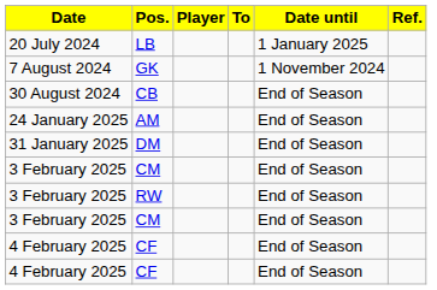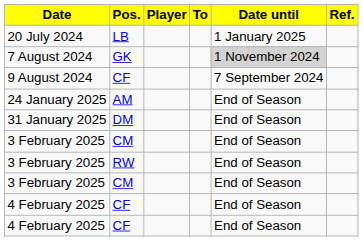 <table class="wikitable plainrowheaders sortable">
 <tr>
 <th style="background:yellow;">Date</th>
 <th style="background:yellow;">Pos.</th>
 <th style="background:yellow;">Player</th>
 <th style="background:yellow;">To</th>
 <th style="background:yellow;">Date until</th>
 <th style="background:yellow;">Ref.</th>
 </tr>
 <tr>
 <td>20 July 2024</td>
 <td><a href='#'>LB</a></td>
 <td></td>
 <td></td>
 <td>1 January 2025</td>
 <td></td>
 </tr>
 <tr>
 <td>7 August 2024</td>
 <td><a href='#'>GK</a></td>
 <td></td>
 <td></td>
-<td>1 November 2024</td>
+<td style="background: lightgrey;">1 November 2024</td>
 <td></td>
 </tr>
 <tr>
-<td>30 August 2024</td>
-<td><a href='#'>CB</a></td>
+<td>9 August 2024</td>
+<td><a href='#'>CF</a></td>
 <td></td>
 <td></td>
-<td>End of Season</td>
+<td>7 September 2024</td>
 <td></td>
 </tr>
 <tr>
 <td>24 January 2025</td>
 <td><a href='#'>AM</a></td>
 <td></td>
 <td></td>
 <td>End of Season</td>
 <td></td>
 </tr>
 <tr>
 <td>31 January 2025</td>
 <td><a href='#'>DM</a></td>
 <td></td>
 <td></td>
 <td>End of Season</td>
 <td></td>
 </tr>
 <tr>
 <td>3 February 2025</td>
 <td><a href='#'>CM</a></td>
 <td></td>
 <td></td>
 <td>End of Season</td>
 <td></td>
 </tr>
 <tr>
 <td>3 February 2025</td>
 <td><a href='#'>RW</a></td>
 <td></td>
 <td></td>
 <td>End of Season</td>
 <td></td>
 </tr>
 <tr>
 <td>3 February 2025</td>
 <td><a href='#'>CM</a></td>
 <td></td>
 <td></td>
 <td>End of Season</td>
 <td></td>
 </tr>
 <tr>
 <td>4 February 2025</td>
 <td><a href='#'>CF</a></td>
 <td></td>
 <td></td>
 <td>End of Season</td>
 <td></td>
 </tr>
 <tr>
 <td>4 February 2025</td>
 <td><a href='#'>CF</a></td>
 <td></td>
 <td></td>
 <td>End of Season</td>
 <td></td>
 </tr>
 </table>
